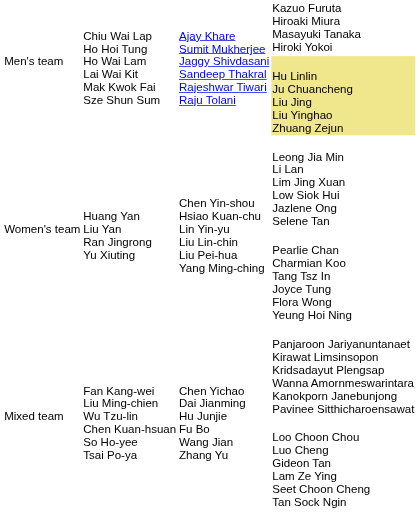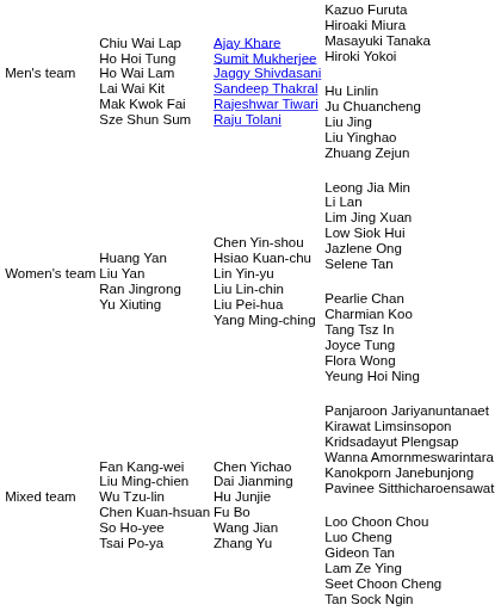 <table>
 <tr>
 <td rowspan=2>Men's team<br></td>
 <td rowspan=2><br>Chiu Wai Lap<br>Ho Hoi Tung<br>Ho Wai Lam<br>Lai Wai Kit<br>Mak Kwok Fai<br>Sze Shun Sum</td>
 <td rowspan=2><br><a href='#'>Ajay Khare</a><br><a href='#'>Sumit Mukherjee</a><br><a href='#'>Jaggy Shivdasani</a><br><a href='#'>Sandeep Thakral</a><br><a href='#'>Rajeshwar Tiwari</a><br><a href='#'>Raju Tolani</a></td>
 <td><br>Kazuo Furuta<br>Hiroaki Miura<br>Masayuki Tanaka<br>Hiroki Yokoi</td>
 </tr>
 <tr>
-<td style="background: khaki;"><br>Hu Linlin<br>Ju Chuancheng<br>Liu Jing<br>Liu Yinghao<br>Zhuang Zejun</td>
+<td><br>Hu Linlin<br>Ju Chuancheng<br>Liu Jing<br>Liu Yinghao<br>Zhuang Zejun</td>
 </tr>
 <tr>
 <td rowspan=2>Women's team<br></td>
 <td rowspan=2><br>Huang Yan<br>Liu Yan<br>Ran Jingrong<br>Yu Xiuting</td>
 <td rowspan=2><br>Chen Yin-shou<br>Hsiao Kuan-chu<br>Lin Yin-yu<br>Liu Lin-chin<br>Liu Pei-hua<br>Yang Ming-ching</td>
 <td><br>Leong Jia Min<br>Li Lan<br>Lim Jing Xuan<br>Low Siok Hui<br>Jazlene Ong<br>Selene Tan</td>
 </tr>
 <tr>
 <td><br>Pearlie Chan<br>Charmian Koo<br>Tang Tsz In<br>Joyce Tung<br>Flora Wong<br>Yeung Hoi Ning</td>
 </tr>
 <tr>
 <td rowspan=2>Mixed team<br></td>
 <td rowspan=2><br>Fan Kang-wei<br>Liu Ming-chien<br>Wu Tzu-lin<br>Chen Kuan-hsuan<br>So Ho-yee<br>Tsai Po-ya</td>
 <td rowspan=2><br>Chen Yichao<br>Dai Jianming<br>Hu Junjie<br>Fu Bo<br>Wang Jian<br>Zhang Yu</td>
 <td><br>Panjaroon Jariyanuntanaet<br>Kirawat Limsinsopon<br>Kridsadayut Plengsap<br>Wanna Amornmeswarintara<br>Kanokporn Janebunjong<br>Pavinee Sitthicharoensawat</td>
 </tr>
 <tr>
 <td><br>Loo Choon Chou<br>Luo Cheng<br>Gideon Tan<br>Lam Ze Ying<br>Seet Choon Cheng<br>Tan Sock Ngin</td>
 </tr>
 </table>
